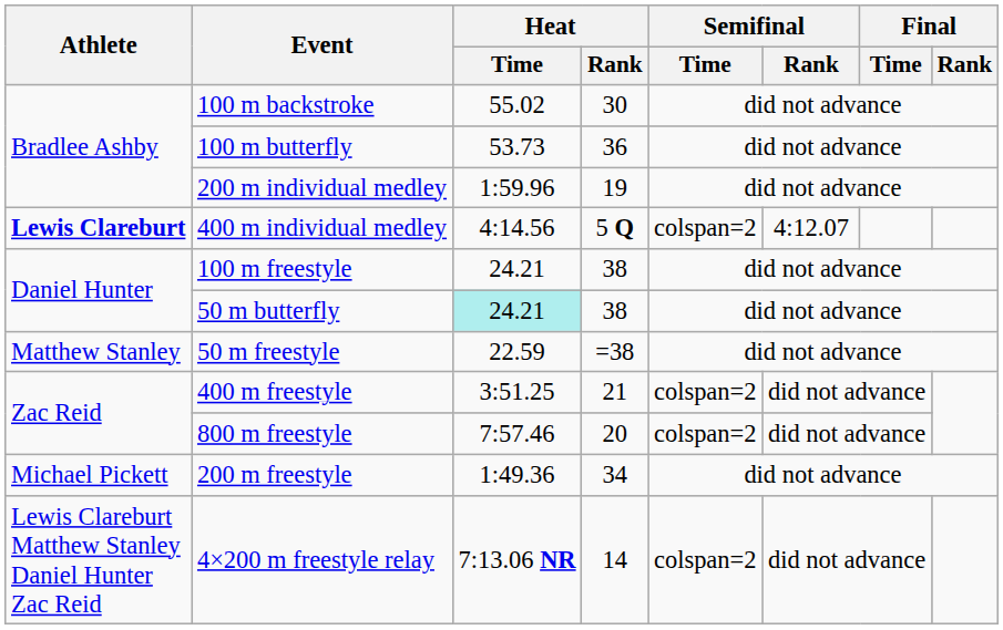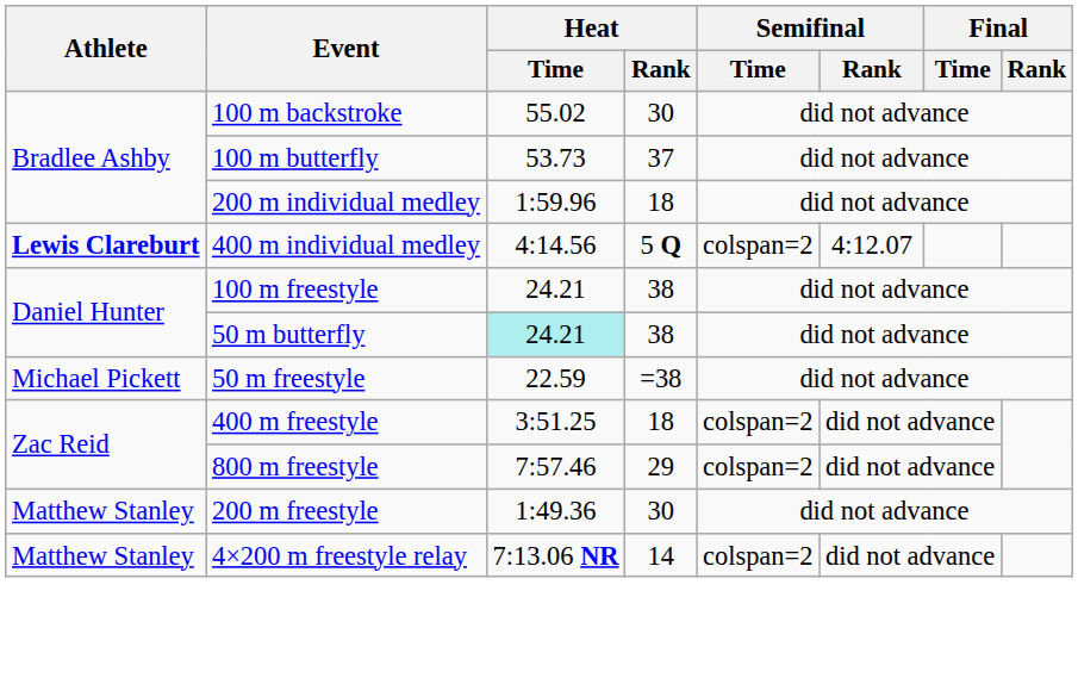 <table class="wikitable" style="text-align:center; font-size:90%">
 <tr>
 <th rowspan="2">Athlete</th>
 <th rowspan="2">Event</th>
 <th colspan="2">Heat</th>
 <th colspan="2">Semifinal</th>
 <th colspan="2">Final</th>
 </tr>
 <tr style="font-size:95%">
 <th>Time</th>
 <th>Rank</th>
 <th>Time</th>
 <th>Rank</th>
 <th>Time</th>
 <th>Rank</th>
 </tr>
 <tr>
 <td align=left rowspan=3><a href='#'>Bradlee Ashby</a></td>
 <td align=left><a href='#'>100 m backstroke</a></td>
 <td>55.02</td>
 <td>30</td>
 <td colspan=4>did not advance</td>
 </tr>
 <tr>
 <td align=left><a href='#'>100 m butterfly</a></td>
 <td>53.73</td>
-<td>36</td>
+<td>37</td>
 <td colspan=4>did not advance</td>
 </tr>
 <tr>
 <td align=left><a href='#'>200 m individual medley</a></td>
 <td>1:59.96</td>
-<td>19</td>
+<td>18</td>
 <td colspan=4>did not advance</td>
 </tr>
 <tr>
 <td align=left><strong><a href='#'>Lewis Clareburt</a></strong></td>
 <td align=left><a href='#'>400 m individual medley</a></td>
 <td>4:14.56</td>
 <td>5 <strong>Q</strong></td>
 <td>colspan=2 </td>
 <td>4:12.07</td>
 <td></td>
 </tr>
 <tr>
 <td align=left rowspan=2><a href='#'>Daniel Hunter</a></td>
 <td align=left><a href='#'>100 m freestyle</a></td>
 <td>24.21</td>
 <td>38</td>
 <td colspan=4>did not advance</td>
 </tr>
 <tr>
 <td align=left><a href='#'>50 m butterfly</a></td>
 <td style="background: paleturquoise;">24.21</td>
 <td>38</td>
 <td colspan=4>did not advance</td>
 </tr>
 <tr>
-<td align=left><a href='#'>Matthew Stanley</a></td>
+<td align=left><a href='#'>Michael Pickett</a></td>
 <td align=left><a href='#'>50 m freestyle</a></td>
 <td>22.59</td>
 <td>=38</td>
 <td colspan=4>did not advance</td>
 </tr>
 <tr>
 <td align=left rowspan=2><a href='#'>Zac Reid</a></td>
 <td align=left><a href='#'>400 m freestyle</a></td>
 <td>3:51.25</td>
-<td>21</td>
+<td>18</td>
 <td>colspan=2 </td>
 <td colspan=2>did not advance</td>
 </tr>
 <tr>
 <td align=left><a href='#'>800 m freestyle</a></td>
 <td>7:57.46</td>
-<td>20</td>
+<td>29</td>
 <td>colspan=2 </td>
 <td colspan=2>did not advance</td>
 </tr>
 <tr>
-<td align=left><a href='#'>Michael Pickett</a></td>
+<td align=left><a href='#'>Matthew Stanley</a></td>
 <td align=left><a href='#'>200 m freestyle</a></td>
 <td>1:49.36</td>
-<td>34</td>
+<td>30</td>
 <td colspan=4>did not advance</td>
 </tr>
 <tr>
-<td align=left><a href='#'>Lewis Clareburt</a><br><a href='#'>Matthew Stanley</a><br><a href='#'>Daniel Hunter</a><br><a href='#'>Zac Reid</a></td>
+<td align=left><a href='#'>Matthew Stanley</a></td>
 <td align=left><a href='#'>4×200 m freestyle relay</a></td>
 <td>7:13.06 <strong><a href='#'>NR</a></strong></td>
 <td>14</td>
 <td>colspan=2 </td>
 <td colspan=2>did not advance</td>
 </tr>
 </table>
